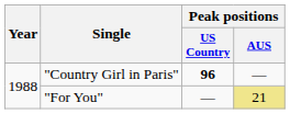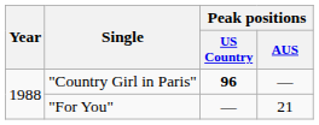 <table class="wikitable" style="text-align:center;">
 <tr>
 <th rowspan="2">Year</th>
 <th rowspan="2">Single</th>
 <th colspan="2">Peak positions</th>
 </tr>
 <tr style="font-size:smaller;">
 <th width="50"><a href='#'>US Country</a></th>
 <th width="50"><a href='#'>AUS</a><br></th>
 </tr>
 <tr>
 <td rowspan="2">1988</td>
 <td align="left">"Country Girl in Paris"</td>
 <td><strong>96</strong></td>
 <td>—</td>
 </tr>
 <tr>
 <td align="left">"For You"</td>
 <td>—</td>
-<td style="background: khaki;">21</td>
+<td>21</td>
 </tr>
 </table>
